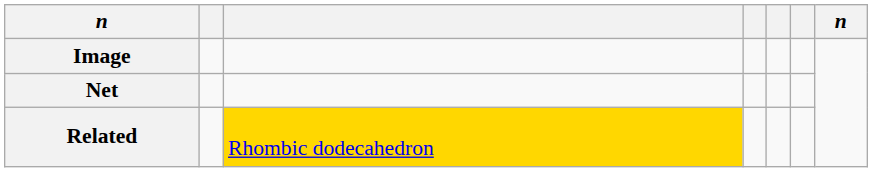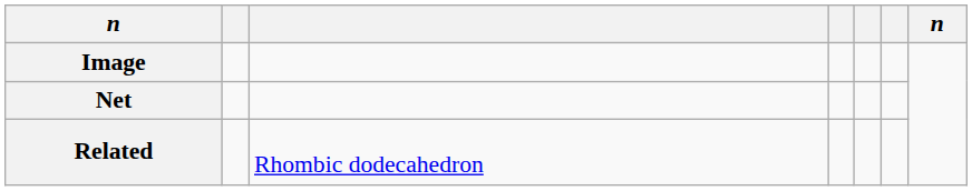 <table class=wikitable width=640>
 <tr>
 <th><em>n</em></th>
 <th></th>
 <th></th>
 <th></th>
 <th></th>
 <th></th>
 <th><em>n</em></th>
 </tr>
 <tr align=center>
 <th>Image</th>
 <td></td>
 <td></td>
 <td></td>
 <td></td>
 <td></td>
 </tr>
 <tr align=center>
 <th>Net</th>
 <td></td>
 <td></td>
 <td></td>
 <td></td>
 <td></td>
 </tr>
 <tr>
 <th>Related</th>
 <td></td>
-<td style="background: gold;"><br><a href='#'>Rhombic dodecahedron</a></td>
+<td><br><a href='#'>Rhombic dodecahedron</a></td>
 <td></td>
 <td></td>
 <td></td>
 </tr>
 </table>
